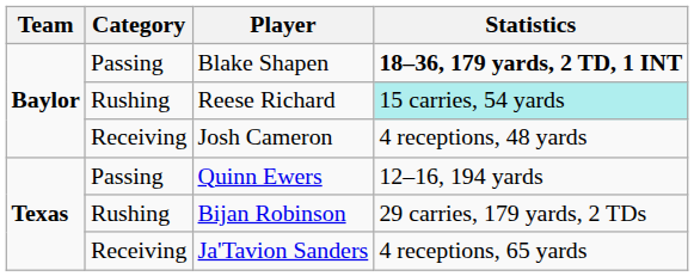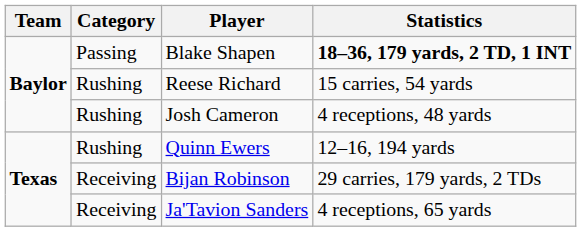 <table class="wikitable" style="float: right;">
 <tr>
 <th>Team</th>
 <th>Category</th>
 <th>Player</th>
 <th>Statistics</th>
 </tr>
 <tr>
 <td rowspan=3><strong>Baylor</strong></td>
 <td>Passing</td>
 <td>Blake Shapen</td>
 <td><strong>18–36, 179 yards, 2 TD, 1 INT</strong></td>
 </tr>
 <tr>
 <td>Rushing</td>
 <td>Reese Richard</td>
-<td style="background: paleturquoise;">15 carries, 54 yards</td>
+<td>15 carries, 54 yards</td>
 </tr>
 <tr>
-<td>Receiving</td>
+<td>Rushing</td>
 <td>Josh Cameron</td>
 <td>4 receptions, 48 yards</td>
 </tr>
 <tr>
 <td rowspan=3><strong>Texas</strong></td>
-<td>Passing</td>
+<td>Rushing</td>
 <td><a href='#'>Quinn Ewers</a></td>
 <td>12–16, 194 yards</td>
 </tr>
 <tr>
-<td>Rushing</td>
+<td>Receiving</td>
 <td><a href='#'>Bijan Robinson</a></td>
 <td>29 carries, 179 yards, 2 TDs</td>
 </tr>
 <tr>
 <td>Receiving</td>
 <td><a href='#'>Ja'Tavion Sanders</a></td>
 <td>4 receptions, 65 yards</td>
 </tr>
 </table>
